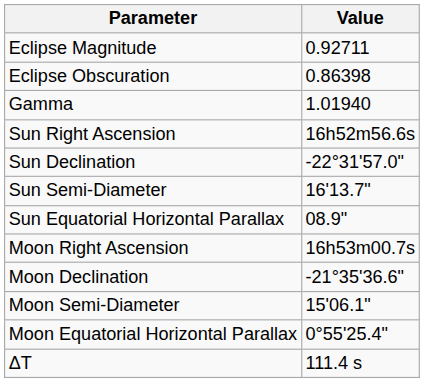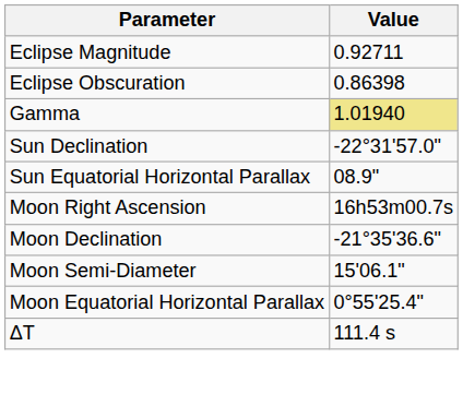 <table class="wikitable">
 <tr>
 <th>Parameter</th>
 <th>Value</th>
 </tr>
 <tr>
 <td>Eclipse Magnitude</td>
 <td>0.92711</td>
 </tr>
 <tr>
 <td>Eclipse Obscuration</td>
 <td>0.86398</td>
 </tr>
 <tr>
 <td>Gamma</td>
-<td>1.01940</td>
-</tr>
-<tr>
-<td>Sun Right Ascension</td>
-<td>16h52m56.6s</td>
+<td style="background: khaki;">1.01940</td>
 </tr>
 <tr>
 <td>Sun Declination</td>
 <td>-22°31'57.0"</td>
-</tr>
-<tr>
-<td>Sun Semi-Diameter</td>
-<td>16'13.7"</td>
 </tr>
 <tr>
 <td>Sun Equatorial Horizontal Parallax</td>
 <td>08.9"</td>
 </tr>
 <tr>
 <td>Moon Right Ascension</td>
 <td>16h53m00.7s</td>
 </tr>
 <tr>
 <td>Moon Declination</td>
 <td>-21°35'36.6"</td>
 </tr>
 <tr>
 <td>Moon Semi-Diameter</td>
 <td>15'06.1"</td>
 </tr>
 <tr>
 <td>Moon Equatorial Horizontal Parallax</td>
 <td>0°55'25.4"</td>
 </tr>
 <tr>
 <td>ΔT</td>
 <td>111.4 s</td>
 </tr>
 </table>
